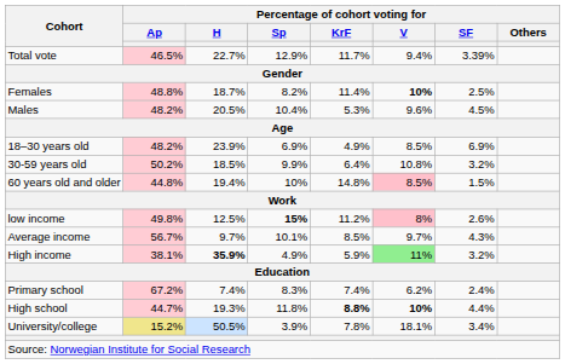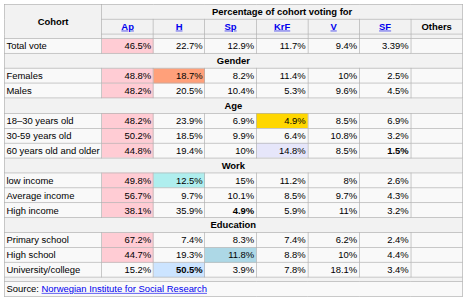 <table class="wikitable" style="text-align:right; font-size:95%;">
 <tr>
 <th rowspan="3">Cohort</th>
 <th colspan="7">Percentage of cohort voting for</th>
 </tr>
 <tr>
 <th scope="col" style="width:5em;"><a href='#'>Ap</a></th>
 <th scope="col" style="width:5em;"><a href='#'>H</a></th>
 <th scope="col" style="width:5em;"><a href='#'>Sp</a></th>
 <th scope="col" style="width:5em;"><a href='#'>KrF</a></th>
 <th scope="col" style="width:5em;"><a href='#'>V</a></th>
 <th scope="col" style="width:5em;"><a href='#'>SF</a></th>
 <th scope="col" style="width:5em;">Others</th>
 </tr>
 <tr>
 <th style="background:"></th>
 <th style="background:"></th>
 <th style="background:"></th>
 <th style="background:"></th>
 <th style="background:"></th>
 <th style="background:"></th>
 <th style="background:"></th>
 </tr>
 <tr>
 <td align=left>Total vote</td>
 <td style="background:#ffccd4;">46.5%</td>
 <td>22.7%</td>
 <td>12.9%</td>
 <td>11.7%</td>
 <td>9.4%</td>
 <td>3.39%</td>
 <td></td>
 </tr>
 <tr>
 <th colspan="8">Gender</th>
 </tr>
 <tr>
 <td align=left>Females</td>
 <td style="background:#ffccd4;">48.8%</td>
-<td>18.7%</td>
+<td style="background: lightsalmon;">18.7%</td>
 <td>8.2%</td>
 <td>11.4%</td>
-<td><strong>10%</strong></td>
+<td>10%</td>
 <td>2.5%</td>
 <td></td>
 </tr>
 <tr>
 <td align=left>Males</td>
 <td style="background:#ffccd4;">48.2%</td>
 <td>20.5%</td>
 <td>10.4%</td>
 <td>5.3%</td>
 <td>9.6%</td>
 <td>4.5%</td>
 <td></td>
 </tr>
 <tr>
 <th colspan="8">Age</th>
 </tr>
 <tr>
 <td align=left>18–30 years old</td>
 <td style="background:#ffccd4;">48.2%</td>
 <td>23.9%</td>
 <td>6.9%</td>
-<td>4.9%</td>
+<td style="background: gold;">4.9%</td>
 <td>8.5%</td>
 <td>6.9%</td>
 <td></td>
 </tr>
 <tr>
 <td align=left>30-59 years old</td>
 <td style="background:#ffccd4;">50.2%</td>
 <td>18.5%</td>
 <td>9.9%</td>
 <td>6.4%</td>
 <td>10.8%</td>
 <td>3.2%</td>
 <td></td>
 </tr>
 <tr>
 <td align=left>60 years old and older</td>
 <td style="background:#ffccd4;">44.8%</td>
 <td>19.4%</td>
 <td>10%</td>
-<td>14.8%</td>
-<td style="background: pink;">8.5%</td>
-<td>1.5%</td>
+<td style="background: lavender;">14.8%</td>
+<td>8.5%</td>
+<td><strong>1.5%</strong></td>
 <td></td>
 </tr>
 <tr>
 <th colspan="8">Work</th>
 </tr>
 <tr>
 <td align=left>low income</td>
 <td style="background:#ffccd4;">49.8%</td>
-<td>12.5%</td>
-<td><strong>15%</strong></td>
+<td style="background: paleturquoise;">12.5%</td>
+<td>15%</td>
 <td>11.2%</td>
-<td style="background: pink;">8%</td>
+<td>8%</td>
 <td>2.6%</td>
 <td></td>
 </tr>
 <tr>
 <td align=left>Average income</td>
 <td style="background:#ffccd4;">56.7%</td>
 <td>9.7%</td>
 <td>10.1%</td>
 <td>8.5%</td>
 <td>9.7%</td>
 <td>4.3%</td>
 <td></td>
 </tr>
 <tr>
 <td align=left>High income</td>
 <td style="background:#ffccd4;">38.1%</td>
-<td><strong>35.9%</strong></td>
-<td>4.9%</td>
+<td>35.9%</td>
+<td><strong>4.9%</strong></td>
 <td>5.9%</td>
-<td style="background: lightgreen;">11%</td>
+<td>11%</td>
 <td>3.2%</td>
 <td></td>
 </tr>
 <tr>
 <th colspan="8">Education</th>
 </tr>
 <tr>
 <td align=left>Primary school</td>
 <td style="background:#ffccd4;">67.2%</td>
 <td>7.4%</td>
 <td>8.3%</td>
 <td>7.4%</td>
 <td>6.2%</td>
 <td>2.4%</td>
 <td></td>
 </tr>
 <tr>
 <td align=left>High school</td>
 <td style="background:#ffccd4;">44.7%</td>
 <td>19.3%</td>
-<td>11.8%</td>
-<td><strong>8.8%</strong></td>
-<td><strong>10%</strong></td>
+<td style="background: lightblue;">11.8%</td>
+<td>8.8%</td>
+<td>10%</td>
 <td>4.4%</td>
 <td></td>
 </tr>
 <tr>
 <td align=left>University/college</td>
-<td style="background: khaki;">15.2%</td>
-<td style="background:#cce4ff;">50.5%</td>
+<td>15.2%</td>
+<td style="background:#cce4ff;"><strong>50.5%</strong></td>
 <td>3.9%</td>
 <td>7.8%</td>
 <td>18.1%</td>
 <td>3.4%</td>
 <td></td>
 </tr>
 <tr>
 <th colspan="11!"></th>
 </tr>
 <tr>
 <td align=left colspan="8">Source: <a href='#'>Norwegian Institute for Social Research</a></td>
 </tr>
 </table>
